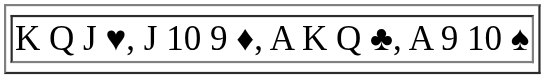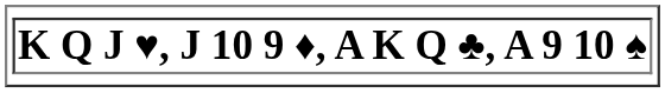 <table border="1" | thumb "centre" |>
 <tr ---->
 </tr>
 <tr ---->
-<td>K Q J <span>♥</span>, J 10 9 <span>♦</span>, A K Q ♣, A 9 10 ♠</td>
+<td><strong>K Q J <span>♥</span>, J 10 9 <span>♦</span>, A K Q ♣, A 9 10 ♠</strong></td>
 </tr>
 <tr ---->
 </tr>
 </table>
